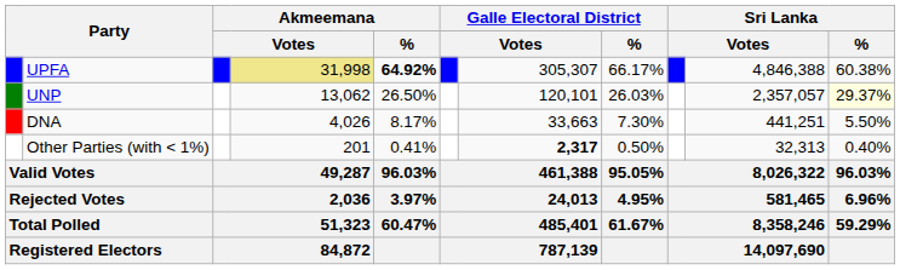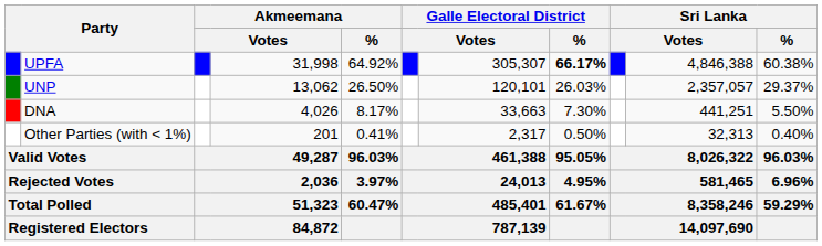 <table class="wikitable">
 <tr>
 <th colspan="2" width="144px"rowspan="2">Party</th>
 <th colspan="3" width="216px">Akmeemana</th>
 <th colspan="3" width="216px"><a href='#'>Galle Electoral District</a></th>
 <th colspan="3" width="216px">Sri Lanka</th>
 </tr>
 <tr>
 <th colspan="2" width="144px">Votes</th>
 <th>%</th>
 <th colspan="2" width="144px">Votes</th>
 <th>%</th>
 <th colspan="2" width="144px">Votes</th>
 <th>%</th>
 </tr>
 <tr>
 <td style="background-color:blue;" width="10px"></td>
 <td style="text-align:left;"><a href='#'>UPFA</a></td>
 <td style="background-color:blue;" width="10px"></td>
-<td style="background: khaki; text-align:right;">31,998</td>
-<td style="text-align:right;"><strong>64.92%</strong></td>
+<td style="text-align:right;">31,998</td>
+<td style="text-align:right;">64.92%</td>
 <td style="background-color:blue;" width="10px"></td>
 <td style="text-align:right;">305,307</td>
-<td style="text-align:right;">66.17%</td>
+<td style="text-align:right;"><strong>66.17%</strong></td>
 <td style="background-color:blue;" width="10px"></td>
 <td style="text-align:right;">4,846,388</td>
 <td style="text-align:right;">60.38%</td>
 </tr>
 <tr>
 <td style="background-color:green;" width="10px"></td>
 <td style="text-align:left;"><a href='#'>UNP</a></td>
 <td style="background-color:white;" width="10px"></td>
 <td style="text-align:right;">13,062</td>
 <td style="text-align:right;">26.50%</td>
 <td style="background-color:white;" width="10px"></td>
 <td style="text-align:right;">120,101</td>
 <td style="text-align:right;">26.03%</td>
 <td style="background-color:white;" width="10px"></td>
 <td style="text-align:right;">2,357,057</td>
-<td style="background: lightyellow; text-align:right;">29.37%</td>
+<td style="text-align:right;">29.37%</td>
 </tr>
 <tr>
 <td style="background-color:red;" width="10px"></td>
 <td style="text-align:left;">DNA</td>
 <td style="background-color:white;" width="10px"></td>
 <td style="text-align:right;">4,026</td>
 <td style="text-align:right;">8.17%</td>
 <td style="background-color:white;" width="10px"></td>
 <td style="text-align:right;">33,663</td>
 <td style="text-align:right;">7.30%</td>
 <td style="background-color:white;" width="10px"></td>
 <td style="text-align:right;">441,251</td>
 <td style="text-align:right;">5.50%</td>
 </tr>
 <tr>
 <td style="background-color:white;" width="10px"></td>
 <td style="text-align:left;">Other Parties (with < 1%)</td>
 <td style="background-color:white;" width="10px"></td>
 <td style="text-align:right;">201</td>
 <td style="text-align:right;">0.41%</td>
 <td style="background-color:white;" width="10px"></td>
-<td style="text-align:right;"><strong>2,317</strong></td>
+<td style="text-align:right;">2,317</td>
 <td style="text-align:right;">0.50%</td>
 <td style="background-color:white;" width="10px"></td>
 <td style="text-align:right;">32,313</td>
 <td style="text-align:right;">0.40%</td>
 </tr>
 <tr>
 <th colspan="2" width="144px"style="text-align:left;">Valid Votes</th>
 <th style="text-align:right;"colspan="2" width="144px">49,287</th>
 <th style="text-align:right;">96.03%</th>
 <th style="text-align:right;"colspan="2" width="144px">461,388</th>
 <th style="text-align:right;">95.05%</th>
 <th style="text-align:right;"colspan="2" width="144px">8,026,322</th>
 <th style="text-align:right;">96.03%</th>
 </tr>
 <tr>
 <th colspan="2" width="144px"style="text-align:left;">Rejected Votes</th>
 <th style="text-align:right;"colspan="2" width="144px">2,036</th>
 <th style="text-align:right;">3.97%</th>
 <th style="text-align:right;"colspan="2" width="144px">24,013</th>
 <th style="text-align:right;">4.95%</th>
 <th style="text-align:right;"colspan="2" width="144px">581,465</th>
 <th style="text-align:right;">6.96%</th>
 </tr>
 <tr>
 <th colspan="2" width="144px"style="text-align:left;">Total Polled</th>
 <th style="text-align:right;"colspan="2" width="144px">51,323</th>
 <th style="text-align:right;">60.47%</th>
 <th style="text-align:right;"colspan="2" width="144px">485,401</th>
 <th style="text-align:right;">61.67%</th>
 <th style="text-align:right;"colspan="2" width="144px">8,358,246</th>
 <th style="text-align:right;">59.29%</th>
 </tr>
 <tr>
 <th colspan="2" width="144px"style="text-align:left;">Registered Electors</th>
 <th style="text-align:right;"colspan="2" width="144px">84,872</th>
 <th></th>
 <th style="text-align:right;"colspan="2" width="144px">787,139</th>
 <th></th>
 <th style="text-align:right;"colspan="2" width="144px">14,097,690</th>
 <th></th>
 </tr>
 </table>
